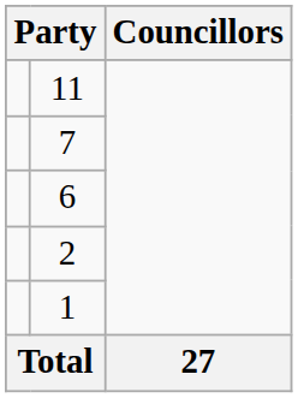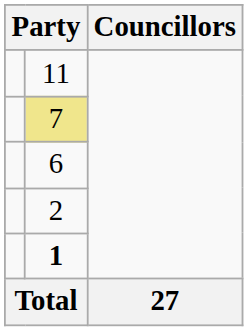 <table class="wikitable">
 <tr>
 <th colspan=2>Party</th>
 <th>Councillors</th>
 </tr>
 <tr>
 <td></td>
 <td align=center>11</td>
 </tr>
 <tr>
 <td></td>
-<td align=center>7</td>
+<td align=center style="background: khaki;">7</td>
 </tr>
 <tr>
 <td></td>
 <td align=center>6</td>
 </tr>
 <tr>
 <td></td>
 <td align=center>2</td>
 </tr>
 <tr>
 <td></td>
-<td align=center>1</td>
+<td align=center><strong>1</strong></td>
 </tr>
 <tr>
 <th colspan=2>Total</th>
 <th align=center>27</th>
 </tr>
 </table>
